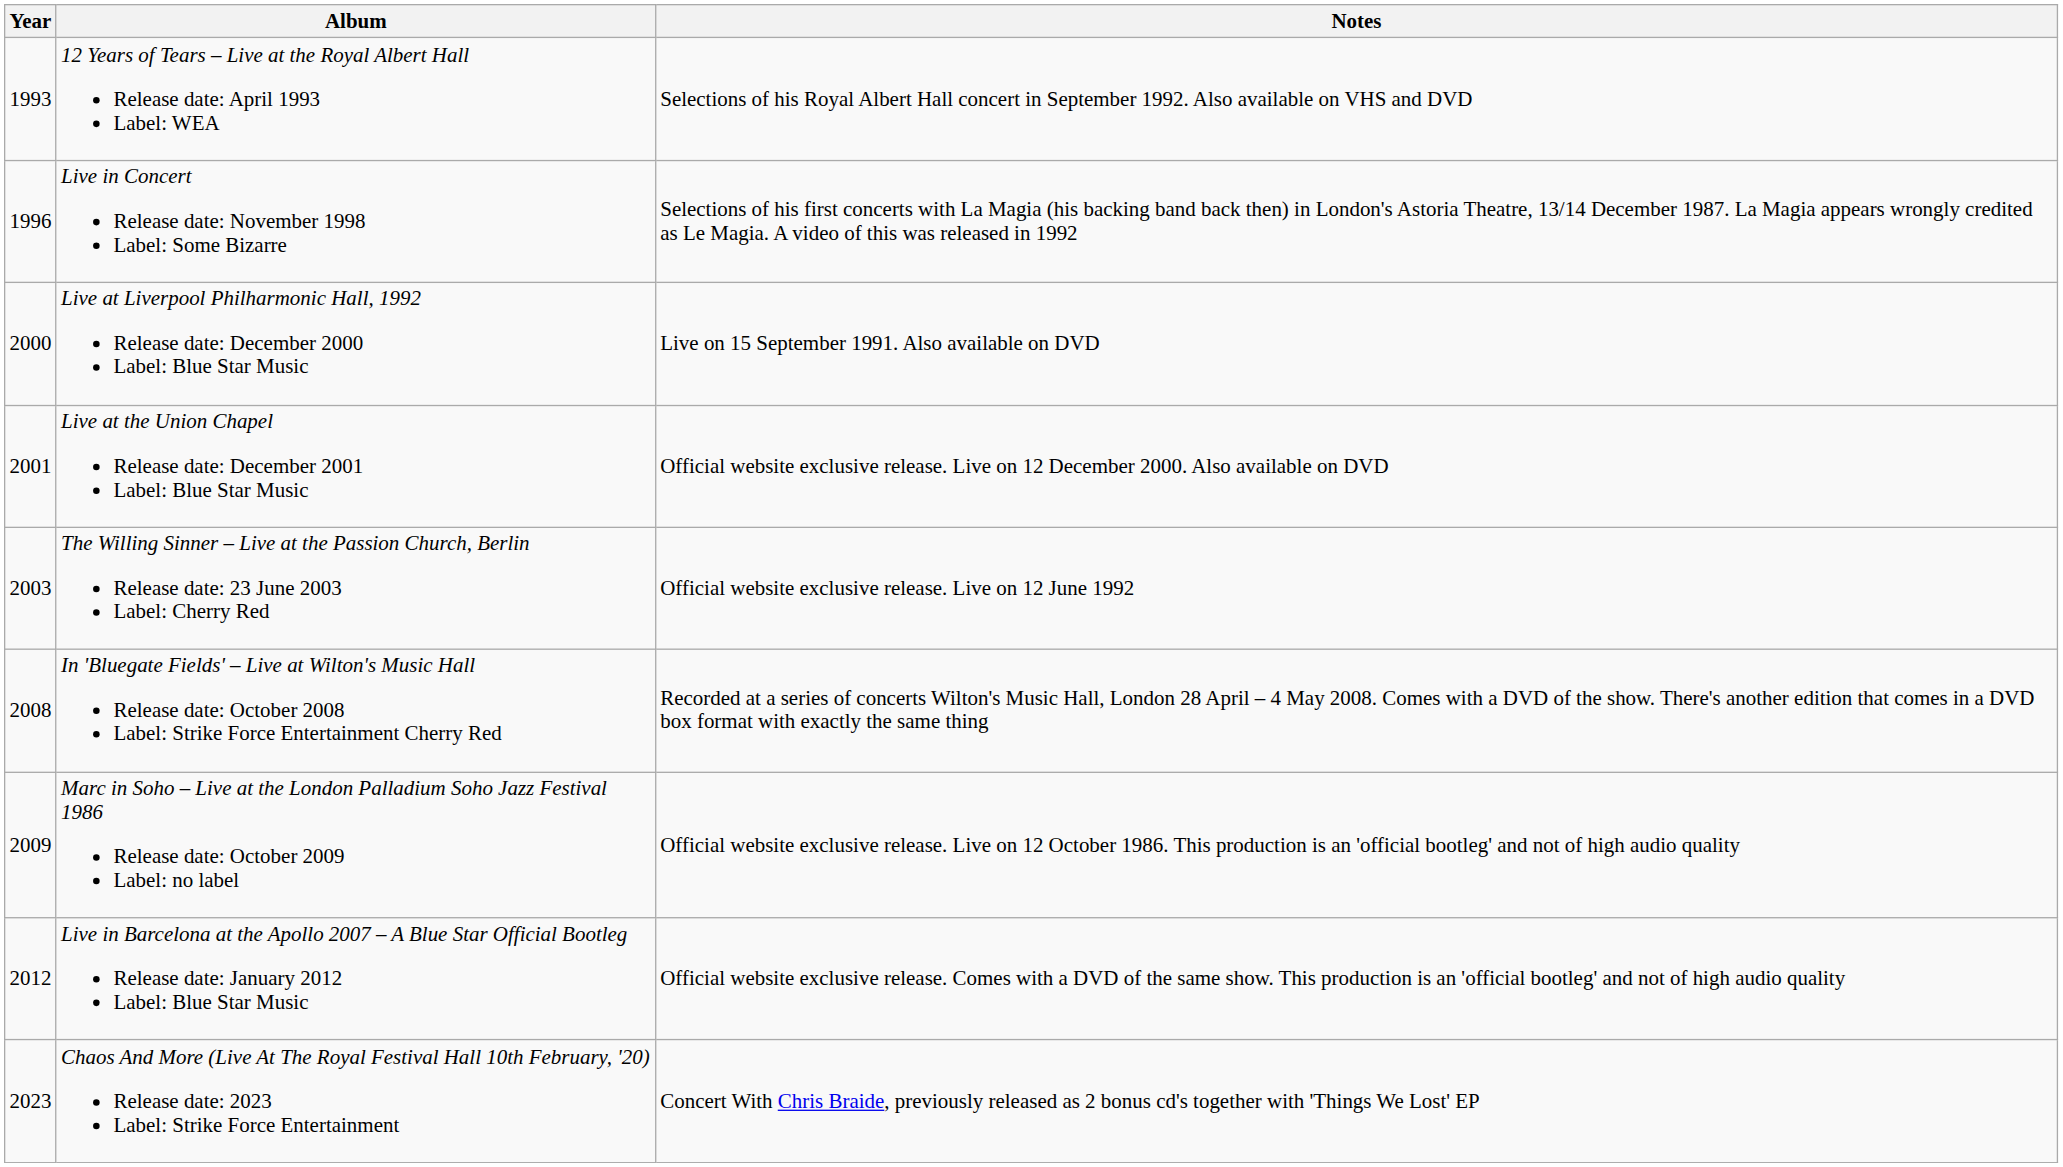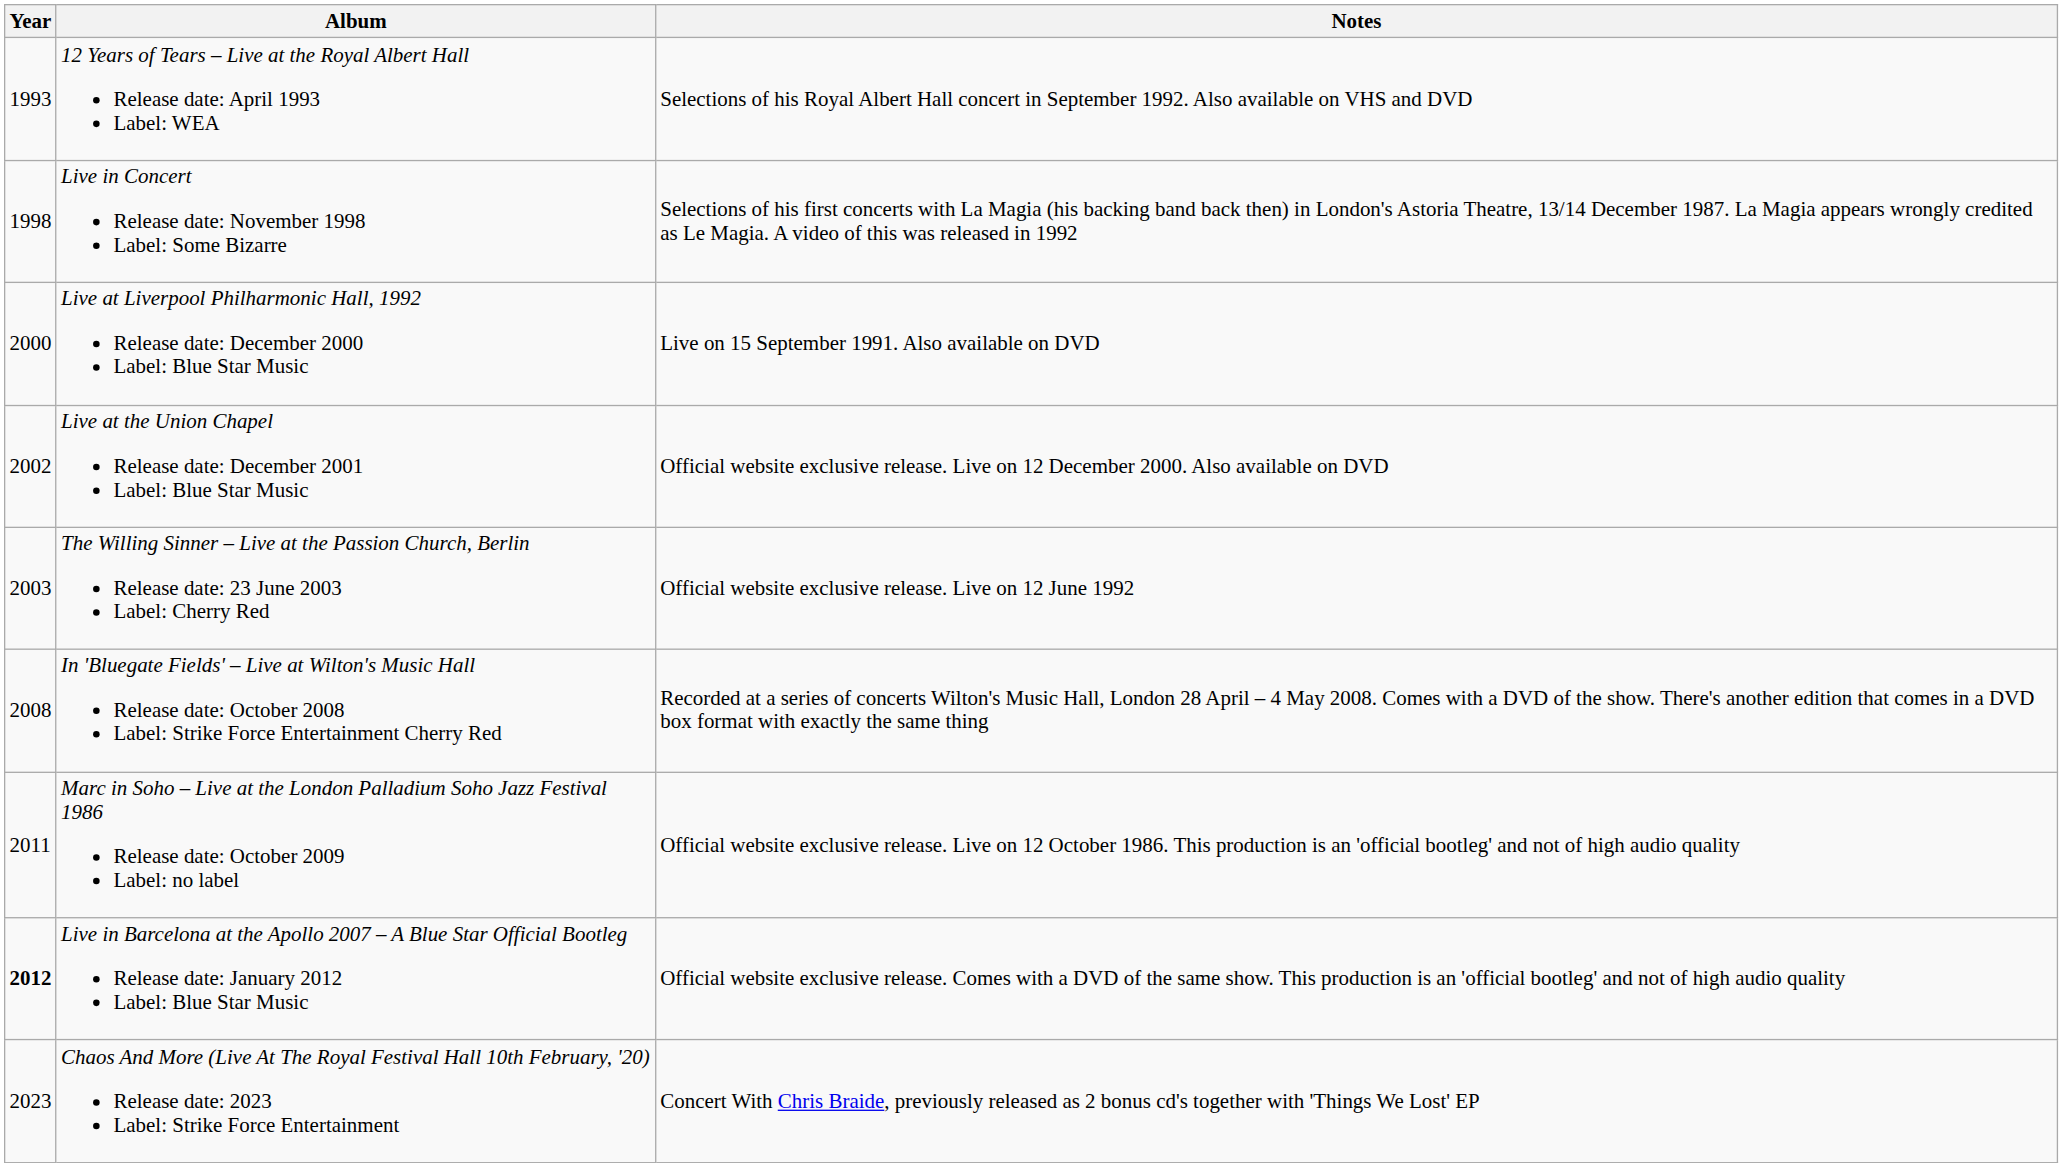 <table class="wikitable">
 <tr>
 <th>Year</th>
 <th !rowspan="2" style="width:450px;">Album</th>
 <th>Notes</th>
 </tr>
 <tr>
 <td>1993</td>
 <td><em>12 Years of Tears – Live at the Royal Albert Hall</em><br><ul><li>Release date: April 1993</li><li>Label: WEA</li></ul></td>
 <td>Selections of his Royal Albert Hall concert in September 1992. Also available on VHS and DVD</td>
 </tr>
 <tr>
-<td>1996</td>
+<td>1998</td>
 <td><em>Live in Concert</em><br><ul><li>Release date: November 1998</li><li>Label: Some Bizarre</li></ul></td>
 <td>Selections of his first concerts with La Magia (his backing band back then) in London's Astoria Theatre, 13/14 December 1987. La Magia appears wrongly credited as Le Magia. A video of this was released in 1992</td>
 </tr>
 <tr>
 <td>2000</td>
 <td><em>Live at Liverpool Philharmonic Hall, 1992</em><br><ul><li>Release date: December 2000</li><li>Label: Blue Star Music</li></ul></td>
 <td>Live on 15 September 1991. Also available on DVD</td>
 </tr>
 <tr>
-<td>2001</td>
+<td>2002</td>
 <td><em>Live at the Union Chapel</em><br><ul><li>Release date: December 2001</li><li>Label: Blue Star Music</li></ul></td>
 <td>Official website exclusive release. Live on 12 December 2000. Also available on DVD</td>
 </tr>
 <tr>
 <td>2003</td>
 <td><em>The Willing Sinner – Live at the Passion Church, Berlin</em><br><ul><li>Release date: 23 June 2003</li><li>Label: Cherry Red</li></ul></td>
 <td>Official website exclusive release. Live on 12 June 1992</td>
 </tr>
 <tr>
 <td>2008</td>
 <td><em>In 'Bluegate Fields' – Live at Wilton's Music Hall</em><br><ul><li>Release date: October 2008</li><li>Label: Strike Force Entertainment Cherry Red</li></ul></td>
 <td>Recorded at a series of concerts Wilton's Music Hall, London 28 April – 4 May 2008. Comes with a DVD of the show. There's another edition that comes in a DVD box format with exactly the same thing</td>
 </tr>
 <tr>
-<td>2009</td>
+<td>2011</td>
 <td><em>Marc in Soho – Live at the London Palladium Soho Jazz Festival 1986</em><br><ul><li>Release date: October 2009</li><li>Label: no label</li></ul></td>
 <td>Official website exclusive release. Live on 12 October 1986. This production is an 'official bootleg' and not of high audio quality</td>
 </tr>
 <tr>
-<td>2012</td>
+<td><strong>2012</strong></td>
 <td><em>Live in Barcelona at the Apollo 2007 – A Blue Star Official Bootleg</em><br><ul><li>Release date: January 2012</li><li>Label: Blue Star Music</li></ul></td>
 <td>Official website exclusive release. Comes with a DVD of the same show. This production is an 'official bootleg' and not of high audio quality</td>
 </tr>
 <tr>
 <td>2023</td>
 <td><em>Chaos And More (Live At The Royal Festival Hall 10th February, '20)</em><br><ul><li>Release date: 2023</li><li>Label: Strike Force Entertainment</li></ul></td>
 <td>Concert With <a href='#'>Chris Braide</a>, previously released as 2 bonus cd's together with 'Things We Lost' EP</td>
 </tr>
 </table>
